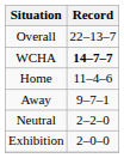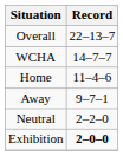 <table class="wikitable sortable" style="text-align: center;">
 <tr>
 <th>Situation</th>
 <th>Record</th>
 </tr>
 <tr>
 <td>Overall</td>
 <td>22–13–7</td>
 </tr>
 <tr>
 <td>WCHA</td>
-<td><strong>14–7–7</strong></td>
+<td>14–7–7</td>
 </tr>
 <tr>
 <td>Home</td>
 <td>11–4–6</td>
 </tr>
 <tr>
 <td>Away</td>
 <td>9–7–1</td>
 </tr>
 <tr>
 <td>Neutral</td>
 <td>2–2–0</td>
 </tr>
 <tr>
 <td>Exhibition</td>
-<td>2–0–0</td>
+<td><strong>2–0–0</strong></td>
 </tr>
 <tr>
 </tr>
 </table>
